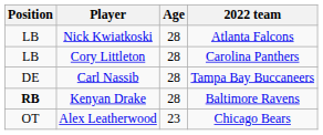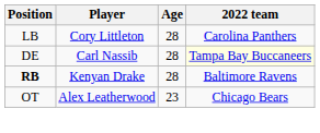 <table class="wikitable" style="text-align:center">
 <tr>
 <th>Position</th>
 <th>Player</th>
 <th>Age</th>
 <th>2022 team</th>
-</tr>
-<tr>
-<td>LB</td>
-<td><a href='#'>Nick Kwiatkoski</a></td>
-<td>28</td>
-<td><a href='#'>Atlanta Falcons</a></td>
 </tr>
 <tr>
 <td>LB</td>
 <td><a href='#'>Cory Littleton</a></td>
 <td>28</td>
 <td><a href='#'>Carolina Panthers</a></td>
 </tr>
 <tr>
 <td>DE</td>
 <td><a href='#'>Carl Nassib</a></td>
 <td>28</td>
-<td><a href='#'>Tampa Bay Buccaneers</a></td>
+<td style="background: lightyellow;"><a href='#'>Tampa Bay Buccaneers</a></td>
 </tr>
 <tr>
 <td><strong>RB</strong></td>
 <td><a href='#'>Kenyan Drake</a></td>
 <td>28</td>
 <td><a href='#'>Baltimore Ravens</a></td>
 </tr>
 <tr>
 <td>OT</td>
 <td><a href='#'>Alex Leatherwood</a></td>
 <td>23</td>
 <td><a href='#'>Chicago Bears</a></td>
 </tr>
 </table>
